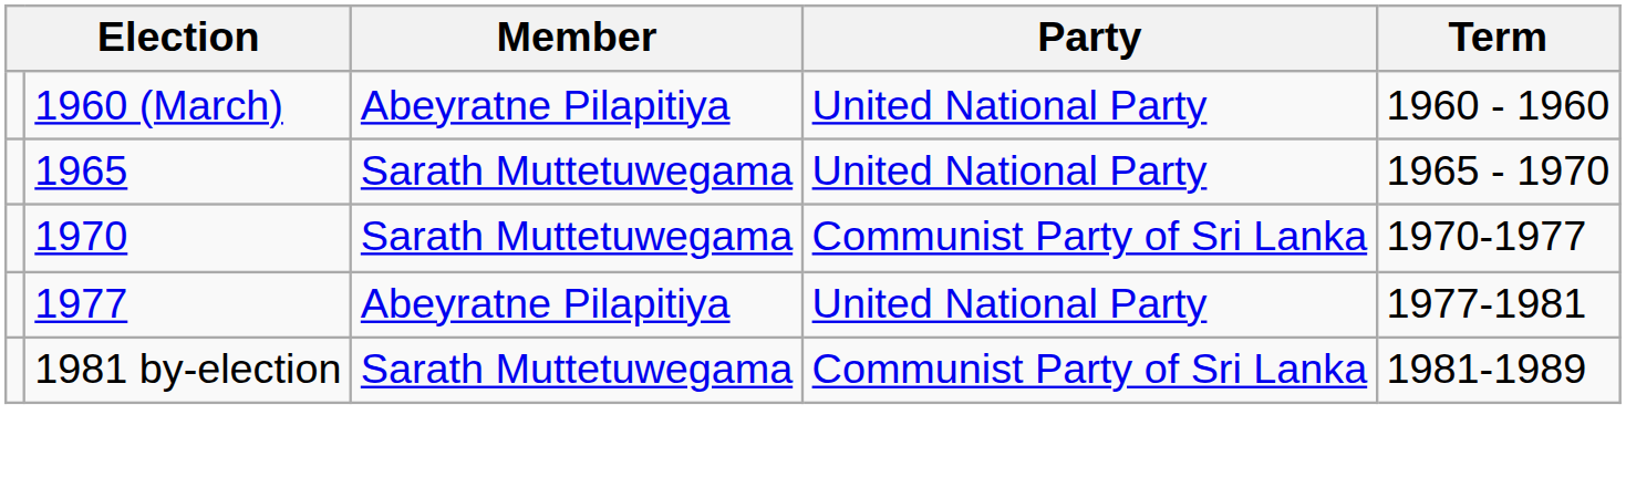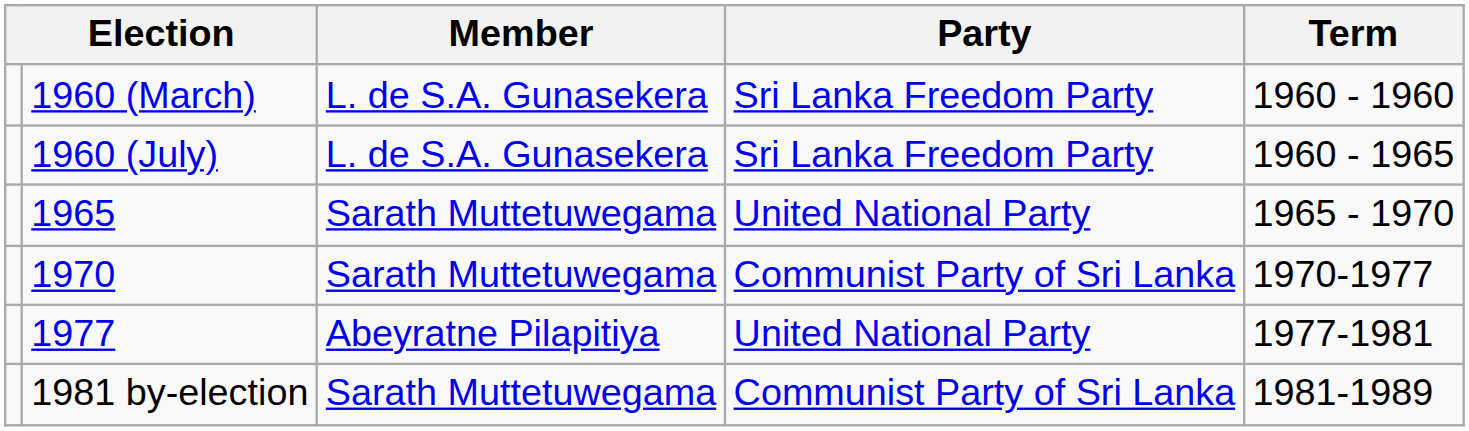 <table class="wikitable">
 <tr>
 <th colspan="2">Election</th>
 <th>Member</th>
 <th>Party</th>
 <th>Term</th>
 </tr>
 <tr>
 <td style="background-color: "></td>
 <td><a href='#'>1960 (March)</a></td>
-<td><a href='#'>Abeyratne Pilapitiya</a></td>
-<td><a href='#'>United National Party</a></td>
+<td><a href='#'>L. de S.A. Gunasekera</a></td>
+<td><a href='#'>Sri Lanka Freedom Party</a></td>
 <td>1960 - 1960</td>
+</tr>
+<tr>
+<td style="background-color: "></td>
+<td><a href='#'>1960 (July)</a></td>
+<td><a href='#'>L. de S.A. Gunasekera</a></td>
+<td><a href='#'>Sri Lanka Freedom Party</a></td>
+<td>1960 - 1965</td>
 </tr>
 <tr>
 <td style="background-color: "></td>
 <td><a href='#'>1965</a></td>
 <td><a href='#'>Sarath Muttetuwegama</a></td>
 <td><a href='#'>United National Party</a></td>
 <td>1965 - 1970</td>
 </tr>
 <tr>
 <td style="background-color: "></td>
 <td><a href='#'>1970</a></td>
 <td><a href='#'>Sarath Muttetuwegama</a></td>
 <td><a href='#'>Communist Party of Sri Lanka</a></td>
 <td>1970-1977</td>
 </tr>
 <tr>
 <td style="background-color: "></td>
 <td><a href='#'>1977</a></td>
 <td><a href='#'>Abeyratne Pilapitiya</a></td>
 <td><a href='#'>United National Party</a></td>
 <td>1977-1981</td>
 </tr>
 <tr>
 <td style="background-color: "></td>
 <td>1981 by-election</td>
 <td><a href='#'>Sarath Muttetuwegama</a></td>
 <td><a href='#'>Communist Party of Sri Lanka</a></td>
 <td>1981-1989</td>
 </tr>
 </table>
